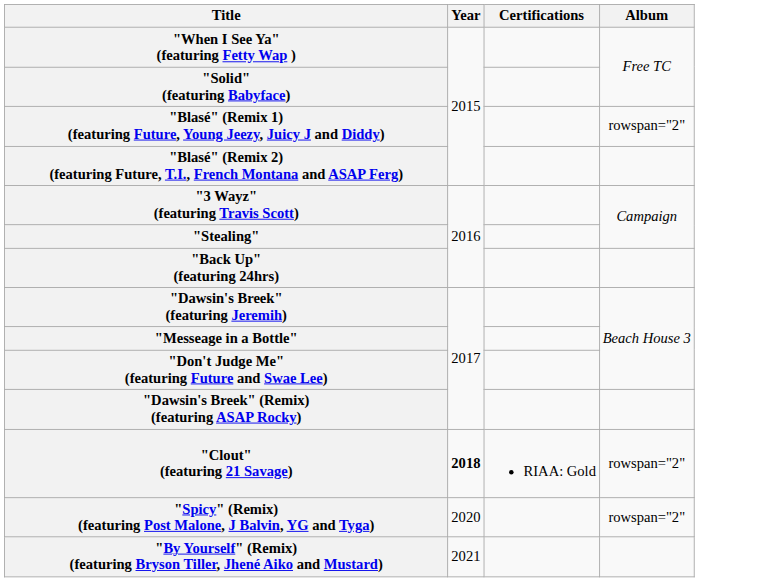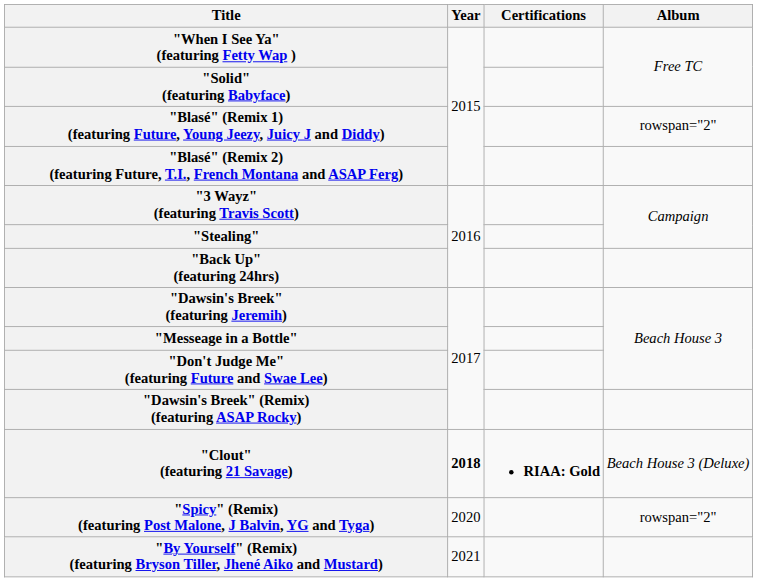 <table class="wikitable plainrowheaders" style="text-align:center;">
 <tr>
 <th scope="col" rowspan="1" style="width:30em;">Title</th>
 <th scope="col" rowspan="1">Year</th>
 <th scope="col" rowspan="1">Certifications</th>
 <th scope="col" rowspan="1">Album</th>
 </tr>
 <tr>
 <th scope="row">"When I See Ya"<br><span>(featuring <a href='#'>Fetty Wap</a> )</span></th>
 <td rowspan="4">2015</td>
 <td></td>
 <td rowspan="2"><em>Free TC</em></td>
 </tr>
 <tr>
 <th scope="row">"Solid"<br><span>(featuring <a href='#'>Babyface</a>)</span></th>
 <td></td>
 </tr>
 <tr>
 <th scope="row">"Blasé" (Remix 1)<br><span>(featuring <a href='#'>Future</a>, <a href='#'>Young Jeezy</a>, <a href='#'>Juicy J</a> and <a href='#'>Diddy</a>)</span></th>
 <td></td>
 <td>rowspan="2" </td>
 </tr>
 <tr>
 <th scope="row">"Blasé" (Remix 2)<br><span>(featuring Future, <a href='#'>T.I.</a>, <a href='#'>French Montana</a> and <a href='#'>ASAP Ferg</a>)</span></th>
 <td></td>
 </tr>
 <tr>
 <th scope="row">"3 Wayz"<br><span>(featuring <a href='#'>Travis Scott</a>)</span></th>
 <td rowspan="3">2016</td>
 <td></td>
 <td rowspan="2"><em>Campaign</em></td>
 </tr>
 <tr>
 <th scope="row">"Stealing"</th>
 <td></td>
 </tr>
 <tr>
 <th scope="row">"Back Up"<br><span>(featuring 24hrs)</span></th>
 <td></td>
 <td></td>
 </tr>
 <tr>
 <th scope="row">"Dawsin's Breek"<br><span>(featuring <a href='#'>Jeremih</a>)</span></th>
 <td rowspan="4">2017</td>
 <td></td>
 <td rowspan="3"><em>Beach House 3</em></td>
 </tr>
 <tr>
 <th scope="row">"Messeage in a Bottle"</th>
 <td></td>
 </tr>
 <tr>
 <th scope="row">"Don't Judge Me"<br><span>(featuring <a href='#'>Future</a> and <a href='#'>Swae Lee</a>)</span></th>
 <td></td>
 </tr>
 <tr>
 <th scope="row">"Dawsin's Breek" (Remix)<br><span>(featuring <a href='#'>ASAP Rocky</a>)</span></th>
 <td></td>
 <td></td>
 </tr>
 <tr>
 <th scope="row">"Clout"<br><span>(featuring <a href='#'>21 Savage</a>)</span></th>
 <td><strong>2018</strong></td>
-<td><br><ul><li>RIAA: Gold</li></ul></td>
-<td>rowspan="2" </td>
+<td><strong><br><ul><li>RIAA: Gold</li></ul></strong></td>
+<td><em>Beach House 3 (Deluxe)</em></td>
 </tr>
 <tr>
 <th scope="row">"<a href='#'>Spicy</a>" (Remix)<br><span>(featuring <a href='#'>Post Malone</a>, <a href='#'>J Balvin</a>, <a href='#'>YG</a> and <a href='#'>Tyga</a>)</span></th>
 <td>2020</td>
 <td></td>
 <td>rowspan="2" </td>
 </tr>
 <tr>
 <th scope="row">"<a href='#'>By Yourself</a>" (Remix)<br><span>(featuring <a href='#'>Bryson Tiller</a>, <a href='#'>Jhené Aiko</a> and <a href='#'>Mustard</a>)</span></th>
 <td>2021</td>
 <td></td>
 </tr>
 </table>
